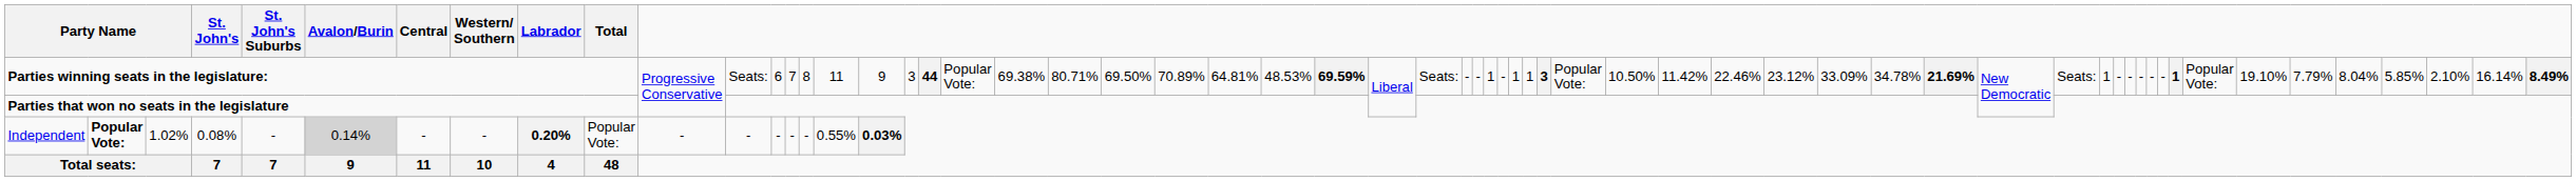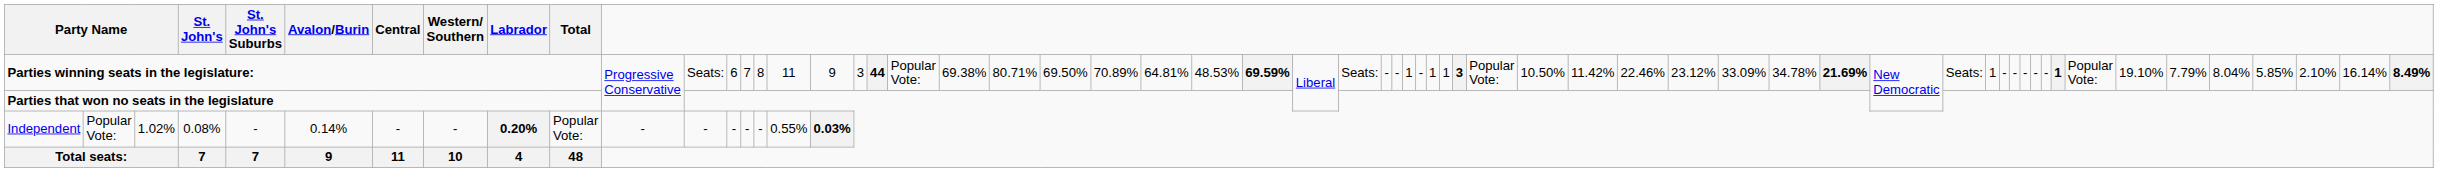 <table border="1" class="wikitable">
 <tr>
 <th align="center" colspan="3">Party Name</th>
 <th align="center"><a href='#'>St. John's</a></th>
 <th align="center"><a href='#'>St. John's</a> Suburbs</th>
 <th align="center"><a href='#'>Avalon</a>/<a href='#'>Burin</a></th>
 <th align="center">Central</th>
 <th align="center">Western/<br>Southern</th>
 <th align="center"><a href='#'>Labrador</a></th>
 <th align="center">Total</th>
 </tr>
 <tr>
 <td colspan=10><strong>Parties winning seats in the legislature:</strong><br></td>
 <td rowspan="2"><a href='#'>Progressive Conservative</a></td>
 <td>Seats:</td>
 <td align="center">6</td>
 <td align="center">7</td>
 <td align="center">8</td>
 <td align="center">11</td>
 <td align="center">9</td>
 <td align="center">3</td>
 <th align="center"><strong>44</strong><br></th>
 <td>Popular Vote:</td>
 <td align="center">69.38%</td>
 <td align="center">80.71%</td>
 <td align="center">69.50%</td>
 <td align="center">70.89%</td>
 <td align="center">64.81%</td>
 <td align="center">48.53%</td>
 <th align="center"><strong>69.59%</strong><br></th>
 <td rowspan="2"><a href='#'>Liberal</a></td>
 <td>Seats:</td>
 <td align="center">-</td>
 <td align="center">-</td>
 <td align="center">1</td>
 <td align="center">-</td>
 <td align="center">1</td>
 <td align="center">1</td>
 <th align="center"><strong>3</strong><br></th>
 <td>Popular Vote:</td>
 <td align="center">10.50%</td>
 <td align="center">11.42%</td>
 <td align="center">22.46%</td>
 <td align="center">23.12%</td>
 <td align="center">33.09%</td>
 <td align="center">34.78%</td>
 <th align="center"><strong>21.69%</strong><br></th>
 <td rowspan="2"><a href='#'>New Democratic</a></td>
 <td>Seats:</td>
 <td align="center">1</td>
 <td align="center">-</td>
 <td align="center">-</td>
 <td align="center">-</td>
 <td align="center">-</td>
 <td align="center">-</td>
 <th align="center"><strong>1</strong><br></th>
 <td>Popular Vote:</td>
 <td align="center">19.10%</td>
 <td align="center">7.79%</td>
 <td align="center">8.04%</td>
 <td align="center">5.85%</td>
 <td align="center">2.10%</td>
 <td align="center">16.14%</td>
 <th align="center"><strong>8.49%</strong></th>
 </tr>
 <tr>
 <td colspan="10"><strong>Parties that won no seats in the legislature</strong></td>
 </tr>
 <tr>
 <td rowspan="1"><a href='#'>Independent</a></td>
-<td><strong>Popular Vote:</strong></td>
+<td>Popular Vote:</td>
 <td align="center">1.02%</td>
 <td align="center">0.08%</td>
 <td align="center">-</td>
-<td align="center" style="background: lightgrey;">0.14%</td>
+<td align="center">0.14%</td>
 <td align="center">-</td>
 <td align="center">-</td>
 <th align="center"><strong>0.20%</strong><br></th>
 <td>Popular Vote:</td>
 <td align="center">-</td>
 <td align="center">-</td>
 <td align="center">-</td>
 <td align="center">-</td>
 <td align="center">-</td>
 <td align="center">0.55%</td>
 <th align="center"><strong>0.03%</strong></th>
 </tr>
 <tr>
 <th colspan=3>Total seats:</th>
 <th align="center">7</th>
 <th align="center">7</th>
 <th align="center">9</th>
 <th align="center">11</th>
 <th align="center">10</th>
 <th align="center">4</th>
 <th align="center">48</th>
 </tr>
 </table>
